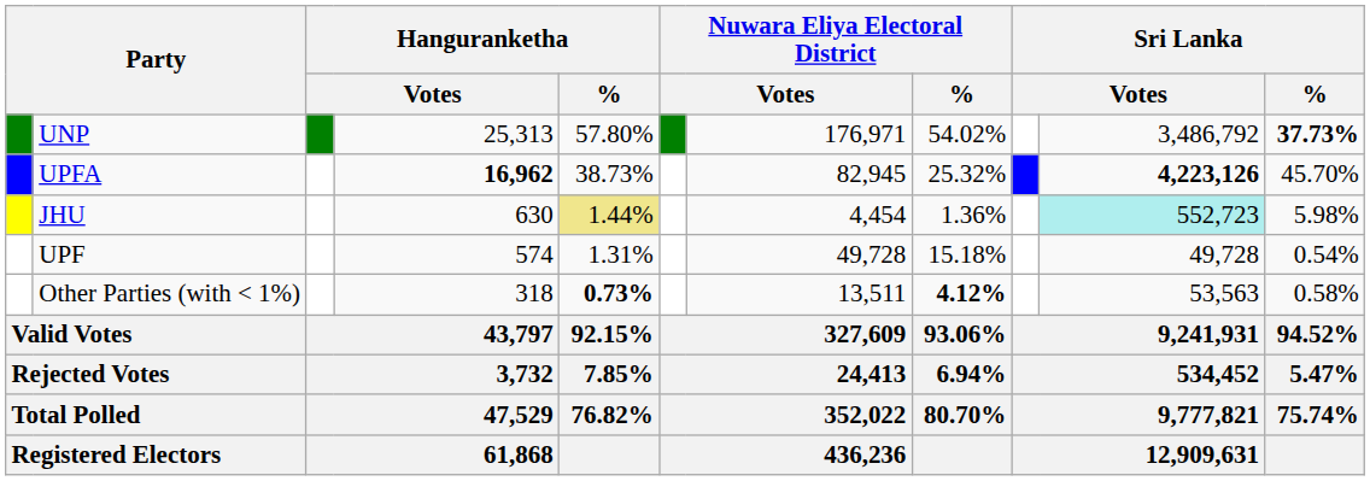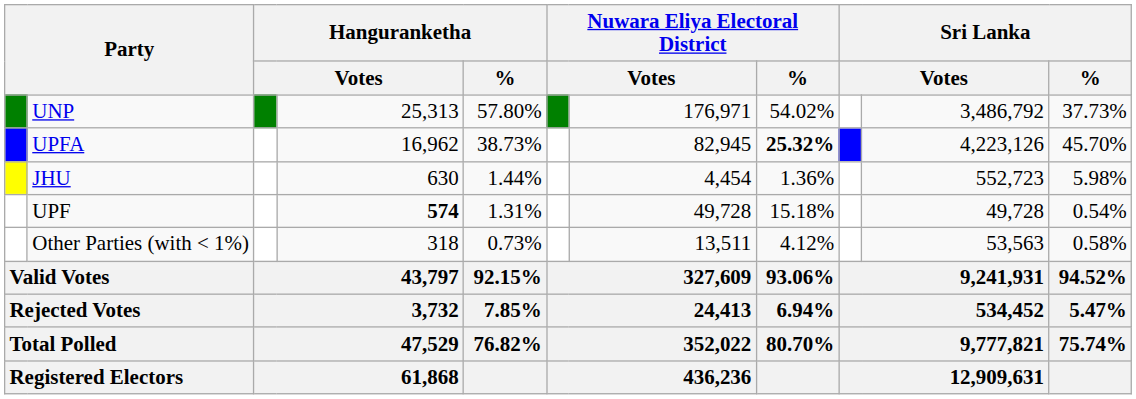 <table class="wikitable">
 <tr>
 <th colspan="2" width="144px"rowspan="2">Party</th>
 <th colspan="3" width="216px">Hanguranketha</th>
 <th colspan="3" width="216px"><a href='#'>Nuwara Eliya Electoral District</a></th>
 <th colspan="3" width="216px">Sri Lanka</th>
 </tr>
 <tr>
 <th colspan="2" width="144px">Votes</th>
 <th>%</th>
 <th colspan="2" width="144px">Votes</th>
 <th>%</th>
 <th colspan="2" width="144px">Votes</th>
 <th>%</th>
 </tr>
 <tr>
 <td style="background-color:green;" width="10px"></td>
 <td style="text-align:left;"><a href='#'>UNP</a></td>
 <td style="background-color:green;" width="10px"></td>
 <td style="text-align:right;">25,313</td>
 <td style="text-align:right;">57.80%</td>
 <td style="background-color:green;" width="10px"></td>
 <td style="text-align:right;">176,971</td>
 <td style="text-align:right;">54.02%</td>
 <td style="background-color:white;" width="10px"></td>
 <td style="text-align:right;">3,486,792</td>
-<td style="text-align:right;"><strong>37.73%</strong></td>
+<td style="text-align:right;">37.73%</td>
 </tr>
 <tr>
 <td style="background-color:blue;" width="10px"></td>
 <td style="text-align:left;"><a href='#'>UPFA</a></td>
 <td style="background-color:white;" width="10px"></td>
-<td style="text-align:right;"><strong>16,962</strong></td>
+<td style="text-align:right;">16,962</td>
 <td style="text-align:right;">38.73%</td>
 <td style="background-color:white;" width="10px"></td>
 <td style="text-align:right;">82,945</td>
-<td style="text-align:right;">25.32%</td>
+<td style="text-align:right;"><strong>25.32%</strong></td>
 <td style="background-color:blue;" width="10px"></td>
-<td style="text-align:right;"><strong>4,223,126</strong></td>
+<td style="text-align:right;">4,223,126</td>
 <td style="text-align:right;">45.70%</td>
 </tr>
 <tr>
 <td style="background-color:yellow;" width="10px"></td>
 <td style="text-align:left;"><a href='#'>JHU</a></td>
 <td style="background-color:white;" width="10px"></td>
 <td style="text-align:right;">630</td>
-<td style="background: khaki; text-align:right;">1.44%</td>
+<td style="text-align:right;">1.44%</td>
 <td style="background-color:white;" width="10px"></td>
 <td style="text-align:right;">4,454</td>
 <td style="text-align:right;">1.36%</td>
 <td style="background-color:white;" width="10px"></td>
-<td style="background: paleturquoise; text-align:right;">552,723</td>
+<td style="text-align:right;">552,723</td>
 <td style="text-align:right;">5.98%</td>
 </tr>
 <tr>
 <td style="background-color:white;" width="10px"></td>
 <td style="text-align:left;">UPF</td>
 <td style="background-color:white;" width="10px"></td>
-<td style="text-align:right;">574</td>
+<td style="text-align:right;"><strong>574</strong></td>
 <td style="text-align:right;">1.31%</td>
 <td style="background-color:white;" width="10px"></td>
 <td style="text-align:right;">49,728</td>
 <td style="text-align:right;">15.18%</td>
 <td style="background-color:white;" width="10px"></td>
 <td style="text-align:right;">49,728</td>
 <td style="text-align:right;">0.54%</td>
 </tr>
 <tr>
 <td style="background-color:white;" width="10px"></td>
 <td style="text-align:left;">Other Parties (with < 1%)</td>
 <td style="background-color:white;" width="10px"></td>
 <td style="text-align:right;">318</td>
-<td style="text-align:right;"><strong>0.73%</strong></td>
+<td style="text-align:right;">0.73%</td>
 <td style="background-color:white;" width="10px"></td>
 <td style="text-align:right;">13,511</td>
-<td style="text-align:right;"><strong>4.12%</strong></td>
+<td style="text-align:right;">4.12%</td>
 <td style="background-color:white;" width="10px"></td>
 <td style="text-align:right;">53,563</td>
 <td style="text-align:right;">0.58%</td>
 </tr>
 <tr>
 <th colspan="2" width="144px"style="text-align:left;">Valid Votes</th>
 <th style="text-align:right;"colspan="2" width="144px">43,797</th>
 <th style="text-align:right;">92.15%</th>
 <th style="text-align:right;"colspan="2" width="144px">327,609</th>
 <th style="text-align:right;">93.06%</th>
 <th style="text-align:right;"colspan="2" width="144px">9,241,931</th>
 <th style="text-align:right;">94.52%</th>
 </tr>
 <tr>
 <th colspan="2" width="144px"style="text-align:left;">Rejected Votes</th>
 <th style="text-align:right;"colspan="2" width="144px">3,732</th>
 <th style="text-align:right;">7.85%</th>
 <th style="text-align:right;"colspan="2" width="144px">24,413</th>
 <th style="text-align:right;">6.94%</th>
 <th style="text-align:right;"colspan="2" width="144px">534,452</th>
 <th style="text-align:right;">5.47%</th>
 </tr>
 <tr>
 <th colspan="2" width="144px"style="text-align:left;">Total Polled</th>
 <th style="text-align:right;"colspan="2" width="144px">47,529</th>
 <th style="text-align:right;">76.82%</th>
 <th style="text-align:right;"colspan="2" width="144px">352,022</th>
 <th style="text-align:right;">80.70%</th>
 <th style="text-align:right;"colspan="2" width="144px">9,777,821</th>
 <th style="text-align:right;">75.74%</th>
 </tr>
 <tr>
 <th colspan="2" width="144px"style="text-align:left;">Registered Electors</th>
 <th style="text-align:right;"colspan="2" width="144px">61,868</th>
 <th></th>
 <th style="text-align:right;"colspan="2" width="144px">436,236</th>
 <th></th>
 <th style="text-align:right;"colspan="2" width="144px">12,909,631</th>
 <th></th>
 </tr>
 </table>
